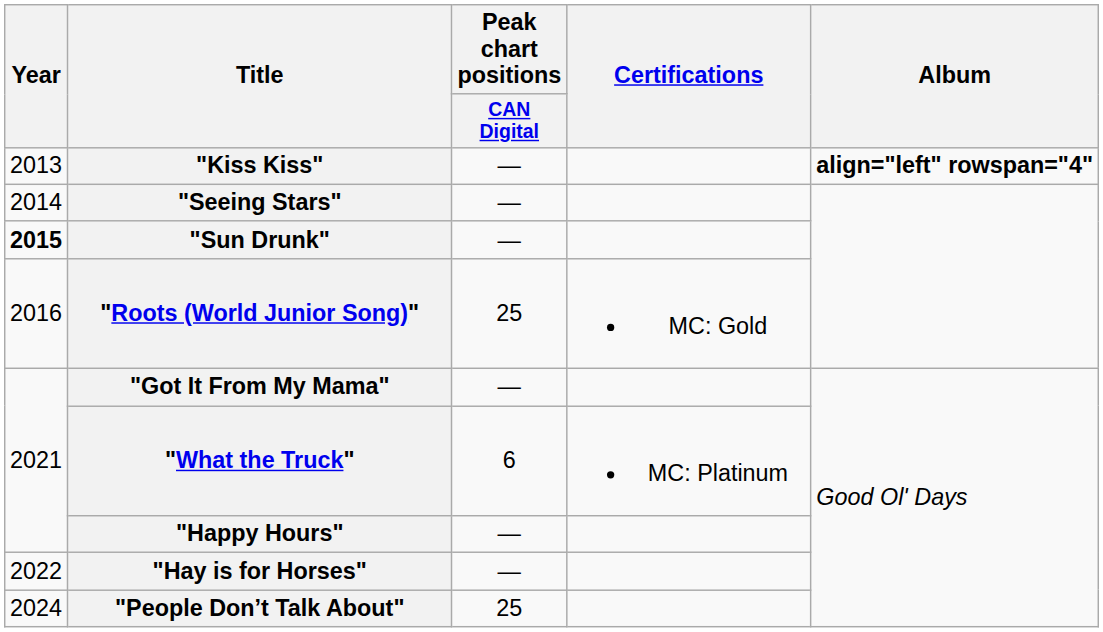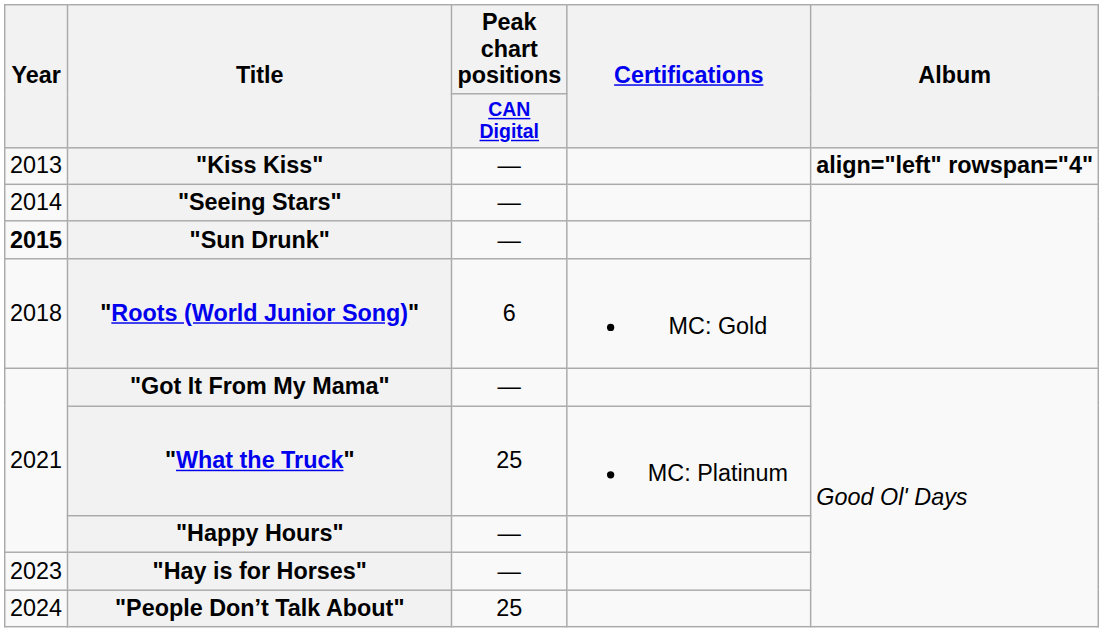 <table class="wikitable plainrowheaders" style="text-align:center;">
 <tr>
 <th scope="col" rowspan="2" style="width:1em;">Year</th>
 <th scope="col" rowspan="2" style="width:16em;">Title</th>
 <th scope="col" colspan="1">Peak chart<br>positions</th>
 <th scope="col" rowspan="2" style="width:10em;"><a href='#'>Certifications</a></th>
 <th scope="col" rowspan="2">Album</th>
 </tr>
 <tr style="font-size:smaller;">
 <th scope="col" style="width:3.5em;"><a href='#'>CAN <br>Digital</a><br></th>
 </tr>
 <tr>
 <td>2013</td>
 <th scope="row">"Kiss Kiss"</th>
 <td>—</td>
 <td></td>
 <td><strong>align="left" rowspan="4" </strong></td>
 </tr>
 <tr>
 <td>2014</td>
 <th scope="row">"Seeing Stars"</th>
 <td>—</td>
 <td></td>
 </tr>
 <tr>
 <td><strong>2015</strong></td>
 <th scope="row">"Sun Drunk"</th>
 <td>—</td>
 <td></td>
 </tr>
 <tr>
-<td>2016</td>
+<td>2018</td>
 <th scope="row">"<a href='#'>Roots (World Junior Song)</a>"</th>
-<td>25</td>
+<td>6</td>
 <td><br><ul><li>MC: Gold</li></ul></td>
 </tr>
 <tr>
 <td rowspan="3">2021</td>
 <th scope="row">"Got It From My Mama"</th>
 <td>—</td>
 <td></td>
 <td align="left" rowspan="5"><em>Good Ol' Days</em></td>
 </tr>
 <tr>
 <th scope="row">"<a href='#'>What the Truck</a>"<br></th>
-<td>6</td>
+<td>25</td>
 <td><br><ul><li>MC: Platinum</li></ul></td>
 </tr>
 <tr>
 <th scope="row">"Happy Hours"</th>
 <td>—</td>
 <td></td>
 </tr>
 <tr>
-<td>2022</td>
+<td>2023</td>
 <th scope="row">"Hay is for Horses"</th>
 <td>—</td>
 <td></td>
 </tr>
 <tr>
 <td>2024</td>
 <th scope="row">"People Don’t Talk About"</th>
 <td>25</td>
 <td></td>
 </tr>
 </table>
